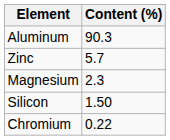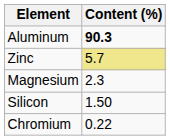 <table class="wikitable">
 <tr>
 <th>Element</th>
 <th>Content (%)</th>
 </tr>
 <tr>
 <td>Aluminum</td>
-<td>90.3</td>
+<td><strong>90.3</strong></td>
 </tr>
 <tr>
 <td>Zinc</td>
-<td>5.7</td>
+<td style="background: khaki;">5.7</td>
 </tr>
 <tr>
 <td>Magnesium</td>
 <td>2.3</td>
 </tr>
 <tr>
 <td>Silicon</td>
 <td>1.50</td>
 </tr>
 <tr>
 <td>Chromium</td>
 <td>0.22</td>
 </tr>
 </table>
